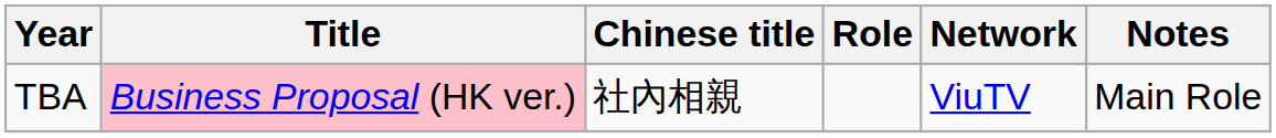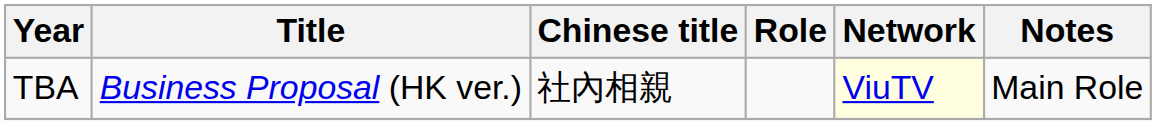 <table class="wikitable plainrowheaders">
 <tr>
 <th>Year</th>
 <th>Title</th>
 <th>Chinese title</th>
 <th>Role</th>
 <th>Network</th>
 <th>Notes</th>
 </tr>
 <tr>
 <td>TBA</td>
-<td style="background: pink;"><em><a href='#'>Business Proposal</a></em> (HK ver.)</td>
+<td><em><a href='#'>Business Proposal</a></em> (HK ver.)</td>
 <td>社內相親</td>
 <td></td>
-<td><a href='#'>ViuTV</a></td>
+<td style="background: lightyellow;"><a href='#'>ViuTV</a></td>
 <td>Main Role</td>
 </tr>
 <tr>
 </tr>
 </table>
